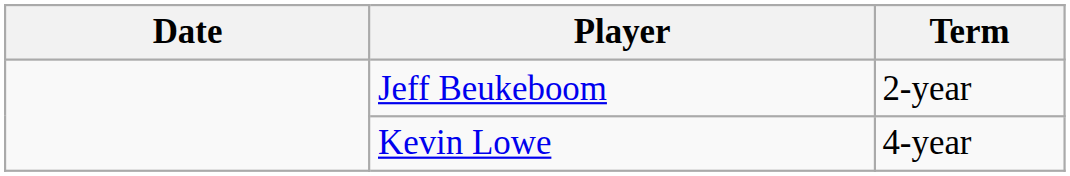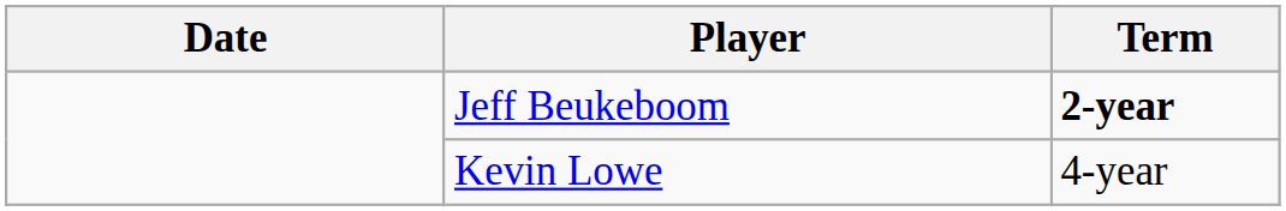 <table class="wikitable">
 <tr>
 <th style="width: 10em;">Date</th>
 <th style="width: 14em;">Player</th>
 <th style="width: 5em;">Term</th>
 </tr>
 <tr>
 <td rowspan=2></td>
 <td><a href='#'>Jeff Beukeboom</a></td>
-<td>2-year</td>
+<td><strong>2-year</strong></td>
 </tr>
 <tr>
 <td><a href='#'>Kevin Lowe</a></td>
 <td>4-year</td>
 </tr>
 </table>
